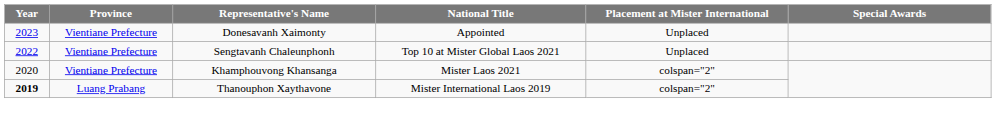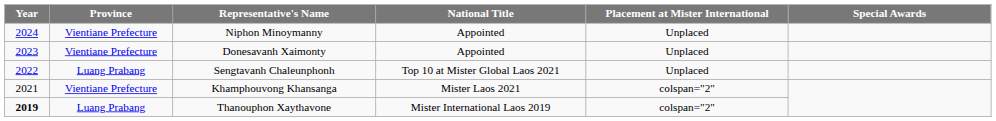 <table class="wikitable " style="font-size: 89%; text-align:center">
 <tr>
 <th width="50" style="background-color:#787878;color:#FFFFFF;">Year</th>
 <th width="150" style="background-color:#787878;color:#FFFFFF;">Province</th>
 <th width="250" style="background-color:#787878;color:#FFFFFF;">Representative's Name</th>
 <th width="260" style="background-color:#787878;color:#FFFFFF;">National Title</th>
 <th width="250" style="background-color:#787878;color:#FFFFFF;">Placement at Mister International</th>
 <th width="250" style="background-color:#787878;color:#FFFFFF;">Special Awards</th>
+</tr>
+<tr>
+<td><a href='#'>2024</a></td>
+<td><a href='#'>Vientiane Prefecture</a></td>
+<td>Niphon Minoymanny</td>
+<td>Appointed</td>
+<td>Unplaced</td>
+<td></td>
 </tr>
 <tr>
 <td><a href='#'>2023</a></td>
 <td><a href='#'>Vientiane Prefecture</a></td>
 <td>Donesavanh Xaimonty</td>
 <td>Appointed</td>
 <td>Unplaced</td>
 <td></td>
 </tr>
 <tr>
 <td><a href='#'>2022</a></td>
-<td><a href='#'>Vientiane Prefecture</a></td>
+<td><a href='#'>Luang Prabang</a></td>
 <td>Sengtavanh Chaleunphonh</td>
 <td>Top 10 at Mister Global Laos 2021</td>
 <td>Unplaced</td>
 <td></td>
 </tr>
 <tr>
-<td>2020</td>
+<td>2021</td>
 <td><a href='#'>Vientiane Prefecture</a></td>
 <td>Khamphouvong Khansanga</td>
 <td>Mister Laos 2021</td>
 <td>colspan="2" </td>
 </tr>
 <tr>
 <td><strong>2019</strong></td>
 <td><a href='#'>Luang Prabang</a></td>
 <td>Thanouphon Xaythavone</td>
 <td>Mister International Laos 2019</td>
 <td>colspan="2" </td>
 </tr>
 </table>
